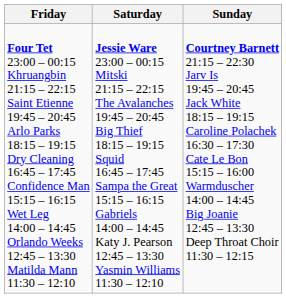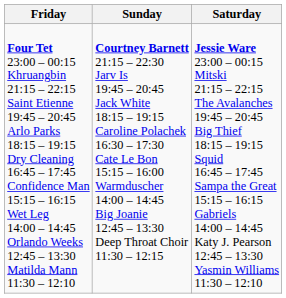 <table class="wikitable">
 <tr>
 <th>Friday</th>
+<th>Sunday</th>
 <th>Saturday</th>
-<th>Sunday</th>
 </tr>
 <tr valign="top">
 <td><br><strong><a href='#'>Four Tet</a></strong> <br>23:00 – 00:15 <br><a href='#'>Khruangbin</a> <br>21:15 – 22:15 <br><a href='#'>Saint Etienne</a> <br>19:45 – 20:45 <br><a href='#'>Arlo Parks</a> <br>18:15 – 19:15 <br><a href='#'>Dry Cleaning</a> <br>16:45 – 17:45 <br><a href='#'>Confidence Man</a> <br>15:15 – 16:15 <br><a href='#'>Wet Leg</a> <br>14:00 – 14:45 <br><a href='#'>Orlando Weeks</a> <br>12:45 – 13:30 <br><a href='#'>Matilda Mann</a> <br>11:30 – 12:10</td>
+<td><br><strong><a href='#'>Courtney Barnett</a></strong> <br>21:15 – 22:30 <br><a href='#'>Jarv Is</a> <br>19:45 – 20:45 <br><a href='#'>Jack White</a> <br>18:15 – 19:15 <br><a href='#'>Caroline Polachek</a> <br>16:30 – 17:30 <br><a href='#'>Cate Le Bon</a> <br>15:15 – 16:00 <br><a href='#'>Warmduscher</a> <br>14:00 – 14:45 <br><a href='#'>Big Joanie</a> <br>12:45 – 13:30 <br>Deep Throat Choir <br>11:30 – 12:15</td>
 <td><br><strong><a href='#'>Jessie Ware</a></strong> <br>23:00 – 00:15 <br><a href='#'>Mitski</a> <br>21:15 – 22:15 <br><a href='#'>The Avalanches</a> <br>19:45 – 20:45 <br><a href='#'>Big Thief</a> <br>18:15 – 19:15 <br><a href='#'>Squid</a> <br>16:45 – 17:45 <br><a href='#'>Sampa the Great</a> <br>15:15 – 16:15 <br><a href='#'>Gabriels</a> <br>14:00 – 14:45 <br>Katy J. Pearson <br>12:45 – 13:30 <br><a href='#'>Yasmin Williams</a> <br>11:30 – 12:10</td>
-<td><br><strong><a href='#'>Courtney Barnett</a></strong> <br>21:15 – 22:30 <br><a href='#'>Jarv Is</a> <br>19:45 – 20:45 <br><a href='#'>Jack White</a> <br>18:15 – 19:15 <br><a href='#'>Caroline Polachek</a> <br>16:30 – 17:30 <br><a href='#'>Cate Le Bon</a> <br>15:15 – 16:00 <br><a href='#'>Warmduscher</a> <br>14:00 – 14:45 <br><a href='#'>Big Joanie</a> <br>12:45 – 13:30 <br>Deep Throat Choir <br>11:30 – 12:15</td>
 </tr>
 </table>
